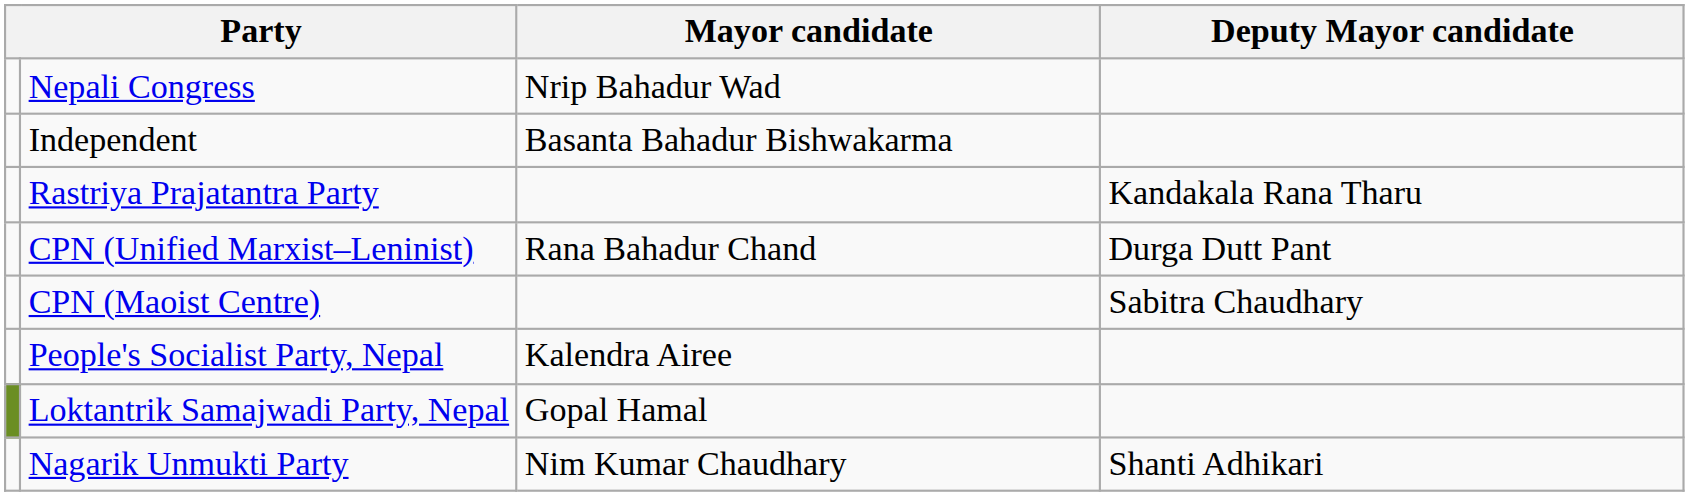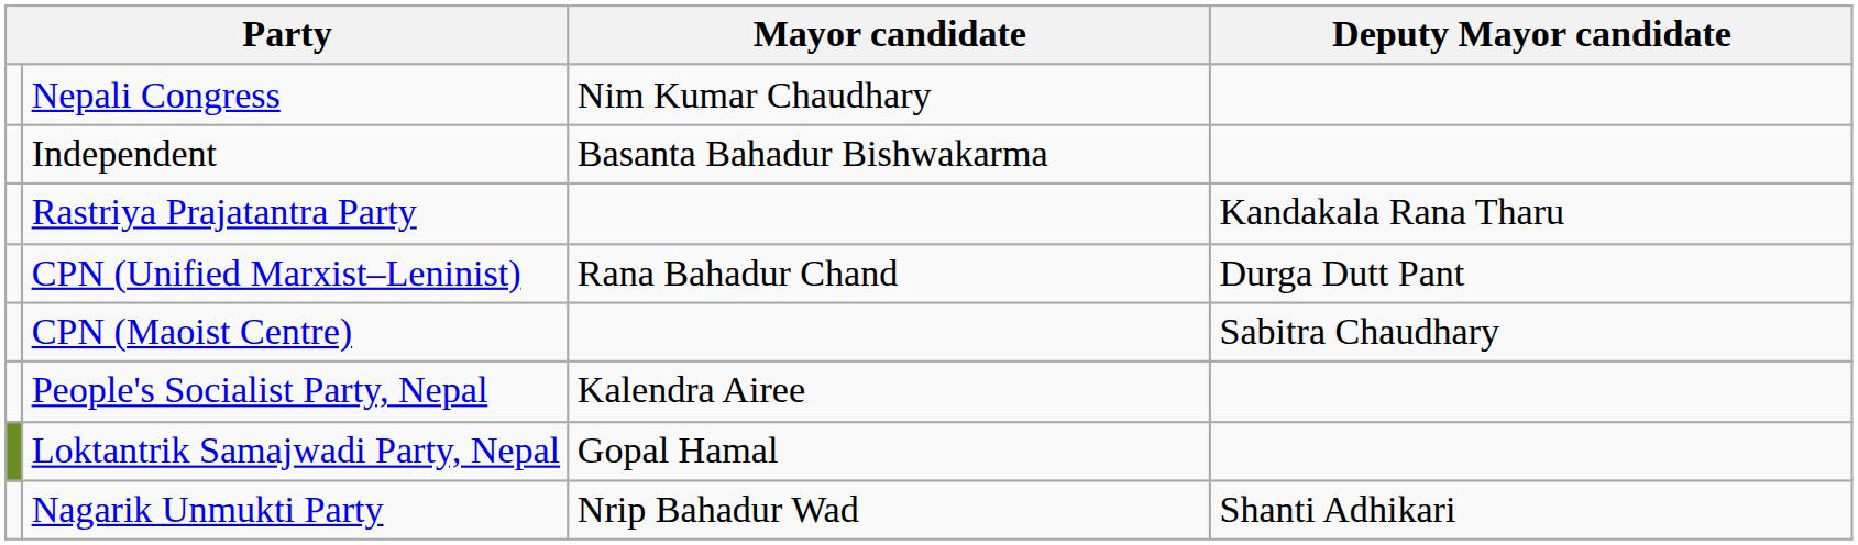 <table class="wikitable">
 <tr>
 <th colspan="2">Party</th>
 <th style="width: 200pt;">Mayor candidate</th>
 <th style="width: 200pt;">Deputy Mayor candidate</th>
 </tr>
 <tr>
 <td style="background-color:"></td>
 <td><a href='#'>Nepali Congress</a></td>
-<td>Nrip Bahadur Wad</td>
+<td>Nim Kumar Chaudhary</td>
 <td></td>
 </tr>
 <tr>
 <td style="background-color:"></td>
 <td>Independent</td>
 <td>Basanta Bahadur Bishwakarma</td>
 <td></td>
 </tr>
 <tr>
 <td style="background-color:"></td>
 <td><a href='#'>Rastriya Prajatantra Party</a></td>
 <td></td>
 <td>Kandakala Rana Tharu</td>
 </tr>
 <tr>
 <td style="background-color:"></td>
 <td><a href='#'>CPN (Unified Marxist–Leninist)</a></td>
 <td>Rana Bahadur Chand</td>
 <td>Durga Dutt Pant</td>
 </tr>
 <tr>
 <td style="background-color:"></td>
 <td><a href='#'>CPN (Maoist Centre)</a></td>
 <td></td>
 <td>Sabitra Chaudhary</td>
 </tr>
 <tr>
 <td style="background-color:"></td>
 <td><a href='#'>People's Socialist Party, Nepal</a></td>
 <td>Kalendra Airee</td>
 <td></td>
 </tr>
 <tr>
 <td style="background-color:olivedrab;"></td>
 <td><a href='#'>Loktantrik Samajwadi Party, Nepal</a></td>
 <td>Gopal Hamal</td>
 <td></td>
 </tr>
 <tr>
 <td style="background-color:"></td>
 <td><a href='#'>Nagarik Unmukti Party</a></td>
-<td>Nim Kumar Chaudhary</td>
+<td>Nrip Bahadur Wad</td>
 <td>Shanti Adhikari</td>
 </tr>
 </table>
